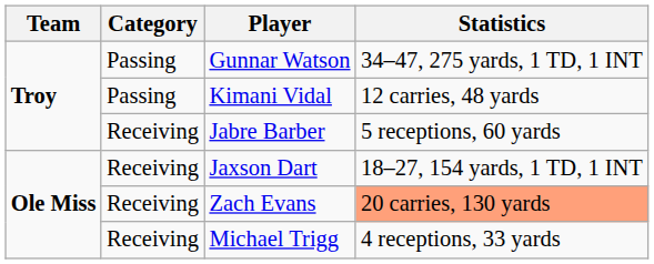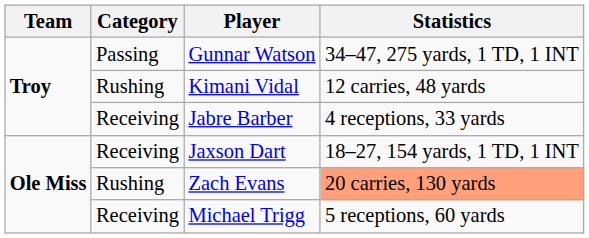 <table class="wikitable" style="float: right;">
 <tr>
 <th>Team</th>
 <th>Category</th>
 <th>Player</th>
 <th>Statistics</th>
 </tr>
 <tr>
 <td rowspan=3><strong>Troy</strong></td>
 <td>Passing</td>
 <td><a href='#'>Gunnar Watson</a></td>
 <td>34–47, 275 yards, 1 TD, 1 INT</td>
 </tr>
 <tr>
-<td>Passing</td>
+<td>Rushing</td>
 <td><a href='#'>Kimani Vidal</a></td>
 <td>12 carries, 48 yards</td>
 </tr>
 <tr>
 <td>Receiving</td>
 <td><a href='#'>Jabre Barber</a></td>
-<td>5 receptions, 60 yards</td>
+<td>4 receptions, 33 yards</td>
 </tr>
 <tr>
 <td rowspan=3><strong>Ole Miss</strong></td>
 <td>Receiving</td>
 <td><a href='#'>Jaxson Dart</a></td>
 <td>18–27, 154 yards, 1 TD, 1 INT</td>
 </tr>
 <tr>
-<td>Receiving</td>
+<td>Rushing</td>
 <td><a href='#'>Zach Evans</a></td>
 <td style="background: lightsalmon;">20 carries, 130 yards</td>
 </tr>
 <tr>
 <td>Receiving</td>
 <td><a href='#'>Michael Trigg</a></td>
-<td>4 receptions, 33 yards</td>
+<td>5 receptions, 60 yards</td>
 </tr>
 </table>
